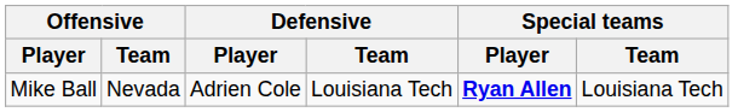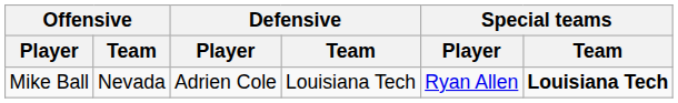 <table class="wikitable">
 <tr>
 <th colspan="2">Offensive</th>
 <th colspan="2">Defensive</th>
 <th colspan="2">Special teams</th>
 </tr>
 <tr>
 <th>Player</th>
 <th>Team</th>
 <th>Player</th>
 <th>Team</th>
 <th>Player</th>
 <th>Team</th>
 </tr>
 <tr>
 <td>Mike Ball</td>
 <td>Nevada</td>
 <td>Adrien Cole</td>
 <td>Louisiana Tech</td>
-<td><strong><a href='#'>Ryan Allen</a></strong></td>
-<td>Louisiana Tech</td>
+<td><a href='#'>Ryan Allen</a></td>
+<td><strong>Louisiana Tech</strong></td>
 </tr>
 </table>
